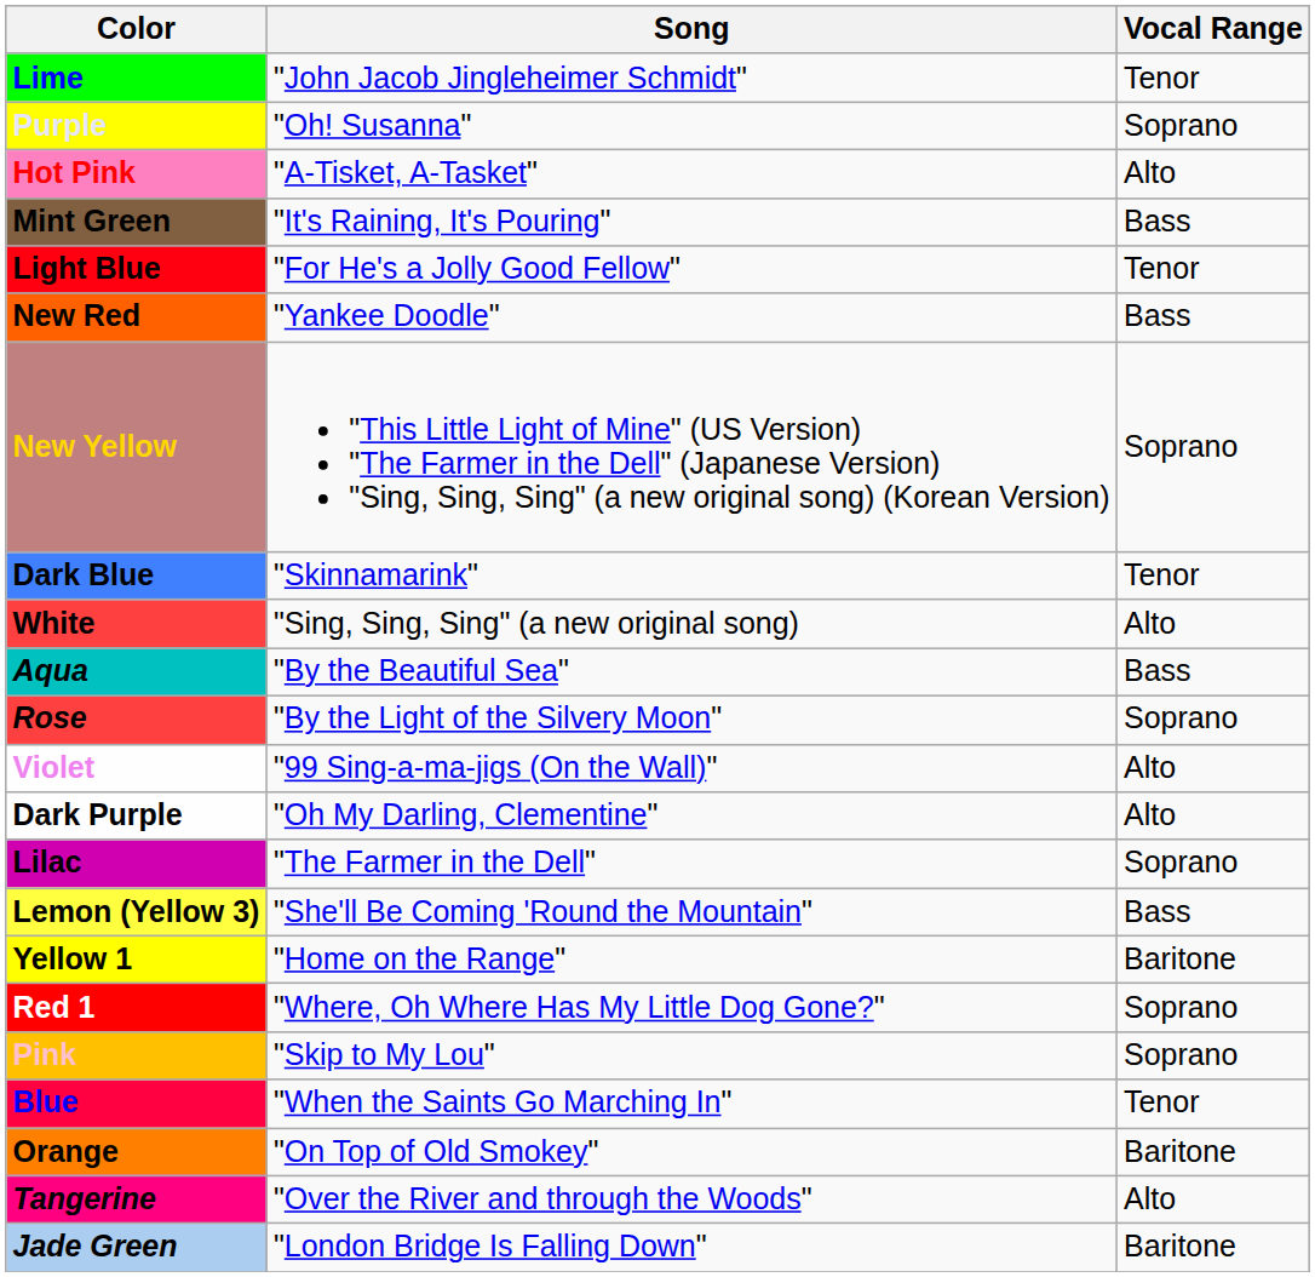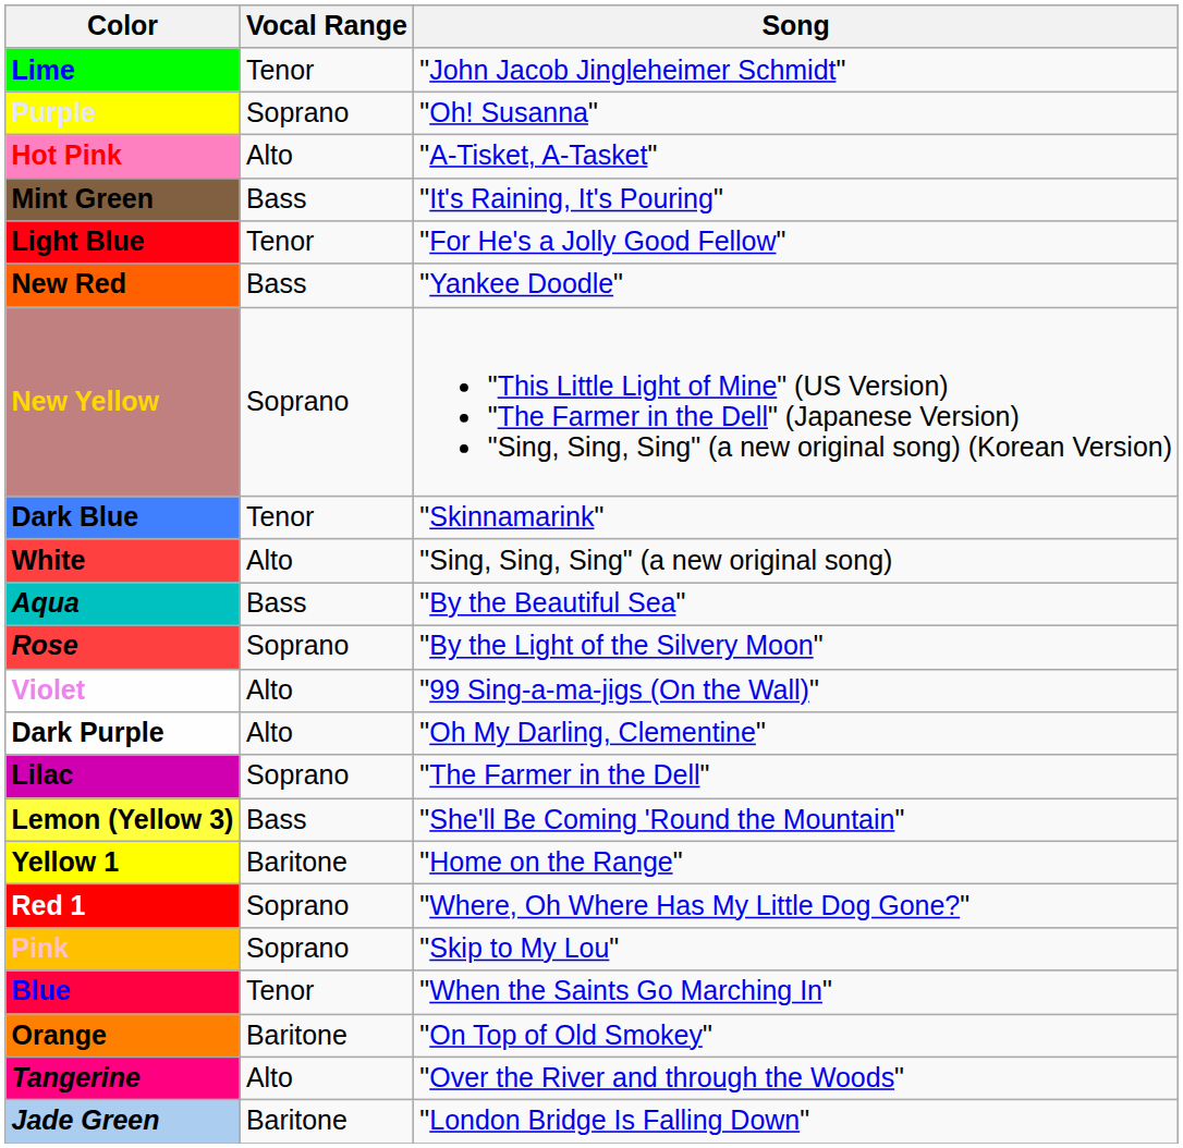 <table class="wikitable">
 <tr>
 <th>Color</th>
+<th>Vocal Range</th>
 <th>Song</th>
-<th>Vocal Range</th>
 </tr>
 <tr>
 <td style="background: #00ff00; color: blue"><strong>Lime</strong></td>
+<td>Tenor</td>
 <td>"<a href='#'>John Jacob Jingleheimer Schmidt</a>"</td>
-<td>Tenor</td>
 </tr>
 <tr 5>
 <td style="background: #ffff00; color: lavender"><strong>Purple</strong></td>
+<td>Soprano</td>
 <td>"<a href='#'>Oh! Susanna</a>"</td>
-<td>Soprano</td>
 </tr>
 <tr>
 <td style="background: #FF80C0; color: red"><strong>Hot Pink</strong></td>
+<td>Alto</td>
 <td>"<a href='#'>A-Tisket, A-Tasket</a>"</td>
-<td>Alto</td>
 </tr>
 <tr>
 <td style="background: #806040; color: black"><strong>Mint Green</strong></td>
+<td>Bass</td>
 <td>"<a href='#'>It's Raining, It's Pouring</a>"</td>
-<td>Bass</td>
 </tr>
 <tr>
 <td style="background: #ff0010; color: light blue"><strong>Light Blue</strong></td>
+<td>Tenor</td>
 <td>"<a href='#'>For He's a Jolly Good Fellow</a>"</td>
-<td>Tenor</td>
 </tr>
 <tr>
 <td style="background: #FF6000; color: black"><strong>New Red</strong></td>
+<td>Bass</td>
 <td>"<a href='#'>Yankee Doodle</a>"</td>
-<td>Bass</td>
 </tr>
 <tr>
 <td style="background: #c08080; color: gold"><strong>New Yellow</strong></td>
+<td>Soprano</td>
 <td><br><ul><li>"<a href='#'>This Little Light of Mine</a>" (US Version)</li><li>"<a href='#'>The Farmer in the Dell</a>" (Japanese Version)</li><li>"Sing, Sing, Sing" (a new original song) (Korean Version)</li></ul></td>
-<td>Soprano</td>
 </tr>
 <tr>
 <td style="background: #4080FF; color: dark blue"><strong>Dark Blue</strong></td>
+<td>Tenor</td>
 <td>"<a href='#'>Skinnamarink</a>"</td>
-<td>Tenor</td>
 </tr>
 <tr>
 <td style="background: #FF4040; color: black"><strong>White</strong></td>
+<td>Alto</td>
 <td>"Sing, Sing, Sing" (a new original song)</td>
-<td>Alto</td>
 </tr>
 <tr>
 <td style="background: #00c0c0; color: black"><strong><em>Aqua</em></strong></td>
+<td>Bass</td>
 <td>"<a href='#'>By the Beautiful Sea</a>"</td>
-<td>Bass</td>
 </tr>
 <tr>
 <td style="background: #FF4040; color: black"><strong><em>Rose</em></strong></td>
+<td>Soprano</td>
 <td>"<a href='#'>By the Light of the Silvery Moon</a>"</td>
-<td>Soprano</td>
 </tr>
 <tr>
 <td style="background: #fefefe; color: violet"><strong>Violet</strong></td>
+<td>Alto</td>
 <td>"<a href='#'>99 Sing-a-ma-jigs (On the Wall)</a>"</td>
-<td>Alto</td>
 </tr>
 <tr>
 <td style="background: #fefefe; color: dark purple"><strong>Dark Purple</strong></td>
+<td>Alto</td>
 <td>"<a href='#'>Oh My Darling, Clementine</a>"</td>
-<td>Alto</td>
 </tr>
 <tr>
 <td style="background: #D000B0; color: black"><strong>Lilac</strong></td>
+<td>Soprano</td>
 <td>"<a href='#'>The Farmer in the Dell</a>"</td>
-<td>Soprano</td>
 </tr>
 <tr>
 <td style="background: #FFFF40; color: black"><strong>Lemon (Yellow 3)</strong></td>
+<td>Bass</td>
 <td>"<a href='#'>She'll Be Coming 'Round the Mountain</a>"</td>
-<td>Bass</td>
 </tr>
 <tr>
 <td style="background: #ffff00; color: black"><strong>Yellow 1</strong></td>
+<td>Baritone</td>
 <td>"<a href='#'>Home on the Range</a>"</td>
-<td>Baritone</td>
 </tr>
 <tr>
 <td style="background: #ff0000; color: white"><strong>Red 1</strong></td>
+<td>Soprano</td>
 <td>"<a href='#'>Where, Oh Where Has My Little Dog Gone?</a>"</td>
-<td>Soprano</td>
 </tr>
 <tr>
 <td style="background: #FFC000; color: pink"><strong>Pink</strong></td>
+<td>Soprano</td>
 <td>"<a href='#'>Skip to My Lou</a>"</td>
-<td>Soprano</td>
 </tr>
 <tr>
 <td style="background: #ff0040; color: blue"><strong>Blue</strong></td>
+<td>Tenor</td>
 <td>"<a href='#'>When the Saints Go Marching In</a>"</td>
-<td>Tenor</td>
 </tr>
 <tr>
 <td style="background: #FF8000; color: black"><strong>Orange</strong></td>
+<td>Baritone</td>
 <td>"<a href='#'>On Top of Old Smokey</a>"</td>
-<td>Baritone</td>
 </tr>
 <tr>
 <td style="background: #FF0080; color: bright orange"><strong><em>Tangerine</em></strong></td>
+<td>Alto</td>
 <td>"<a href='#'>Over the River and through the Woods</a>"</td>
-<td>Alto</td>
 </tr>
 <tr>
 <td style="background: #ABCDEF; color: light green "><strong><em>Jade Green</em></strong></td>
+<td>Baritone</td>
 <td>"<a href='#'>London Bridge Is Falling Down</a>"</td>
-<td>Baritone</td>
 </tr>
 </table>
